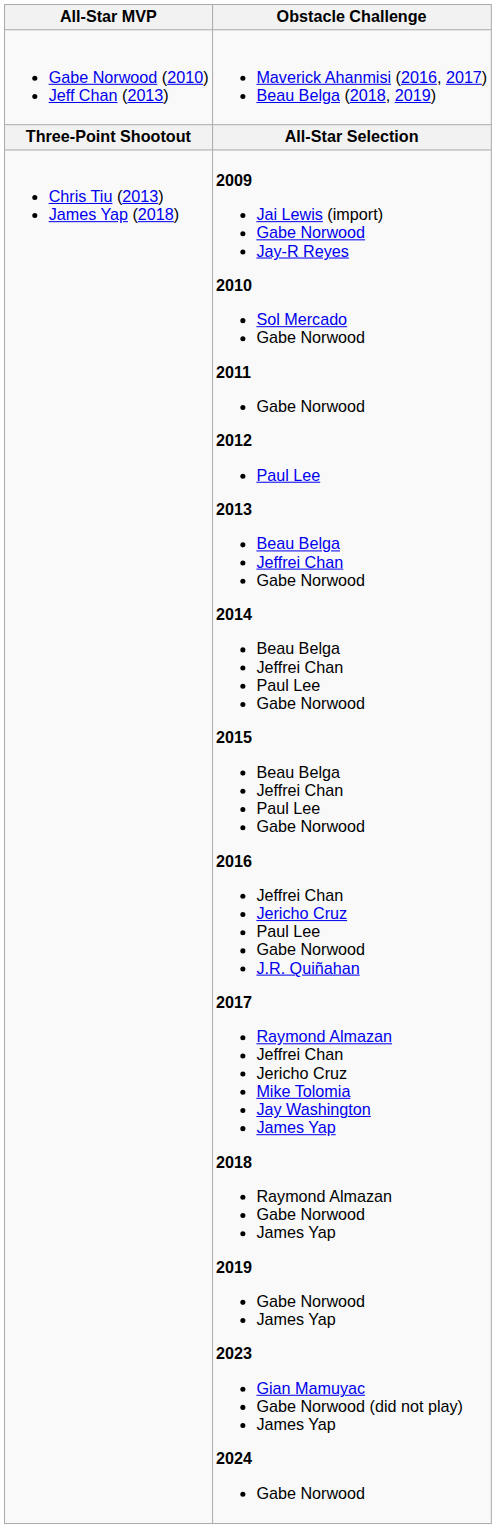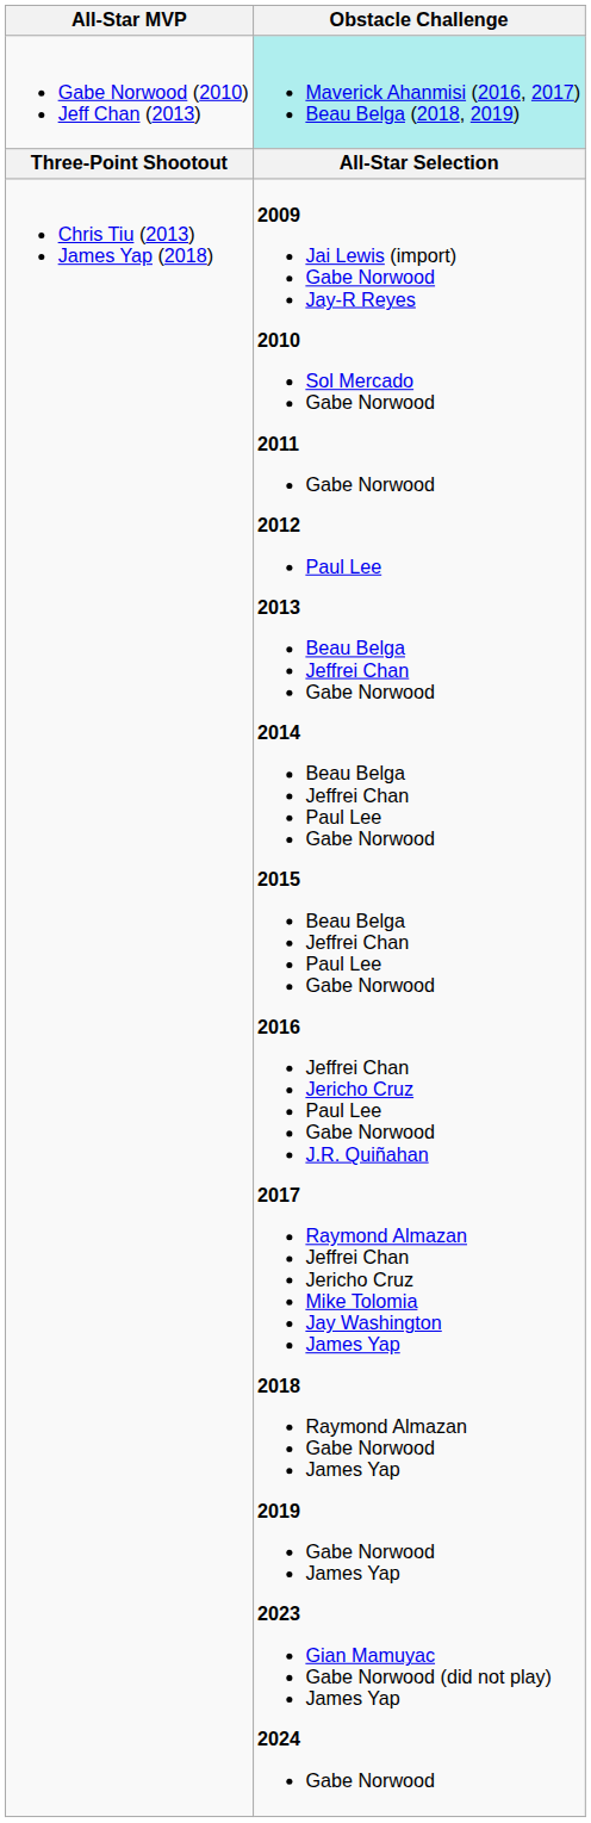 <table class=wikitable>
 <tr>
 <th>All-Star MVP</th>
 <th>Obstacle Challenge</th>
 </tr>
 <tr>
 <td valign="top"><br><ul><li><a href='#'>Gabe Norwood</a> (<a href='#'>2010</a>)</li><li><a href='#'>Jeff Chan</a> (<a href='#'>2013</a>)</li></ul></td>
-<td valign="top"><br><ul><li><a href='#'>Maverick Ahanmisi</a> (<a href='#'>2016</a>, <a href='#'>2017</a>)</li><li><a href='#'>Beau Belga</a> (<a href='#'>2018</a>, <a href='#'>2019</a>)</li></ul></td>
+<td valign="top" style="background: paleturquoise;"><br><ul><li><a href='#'>Maverick Ahanmisi</a> (<a href='#'>2016</a>, <a href='#'>2017</a>)</li><li><a href='#'>Beau Belga</a> (<a href='#'>2018</a>, <a href='#'>2019</a>)</li></ul></td>
 </tr>
 <tr>
 <th>Three-Point Shootout</th>
 <th>All-Star Selection</th>
 </tr>
 <tr>
 <td valign="top"><br><ul><li><a href='#'>Chris Tiu</a> (<a href='#'>2013</a>)</li><li><a href='#'>James Yap</a> (<a href='#'>2018</a>)</li></ul></td>
 <td valign="top"><br><strong>2009</strong><ul><li><a href='#'>Jai Lewis</a> (import)</li><li><a href='#'>Gabe Norwood</a></li><li><a href='#'>Jay-R Reyes</a></li></ul><strong>2010</strong><ul><li><a href='#'>Sol Mercado</a></li><li>Gabe Norwood</li></ul><strong>2011</strong><ul><li>Gabe Norwood</li></ul><strong>2012</strong><ul><li><a href='#'>Paul Lee</a></li></ul><strong>2013</strong><ul><li><a href='#'>Beau Belga</a></li><li><a href='#'>Jeffrei Chan</a></li><li>Gabe Norwood</li></ul><strong>2014</strong><ul><li>Beau Belga</li><li>Jeffrei Chan</li><li>Paul Lee</li><li>Gabe Norwood</li></ul><strong>2015</strong><ul><li>Beau Belga</li><li>Jeffrei Chan</li><li>Paul Lee</li><li>Gabe Norwood</li></ul><strong>2016</strong><ul><li>Jeffrei Chan</li><li><a href='#'>Jericho Cruz</a></li><li>Paul Lee</li><li>Gabe Norwood</li><li><a href='#'>J.R. Quiñahan</a></li></ul><strong>2017</strong><ul><li><a href='#'>Raymond Almazan</a></li><li>Jeffrei Chan</li><li>Jericho Cruz</li><li><a href='#'>Mike Tolomia</a></li><li><a href='#'>Jay Washington</a></li><li><a href='#'>James Yap</a></li></ul><strong>2018</strong><ul><li>Raymond Almazan</li><li>Gabe Norwood</li><li>James Yap</li></ul><strong>2019</strong><ul><li>Gabe Norwood</li><li>James Yap</li></ul><strong>2023</strong><ul><li><a href='#'>Gian Mamuyac</a></li><li>Gabe Norwood (did not play)</li><li>James Yap</li></ul><strong>2024</strong><ul><li>Gabe Norwood</li></ul></td>
 </tr>
 </table>
